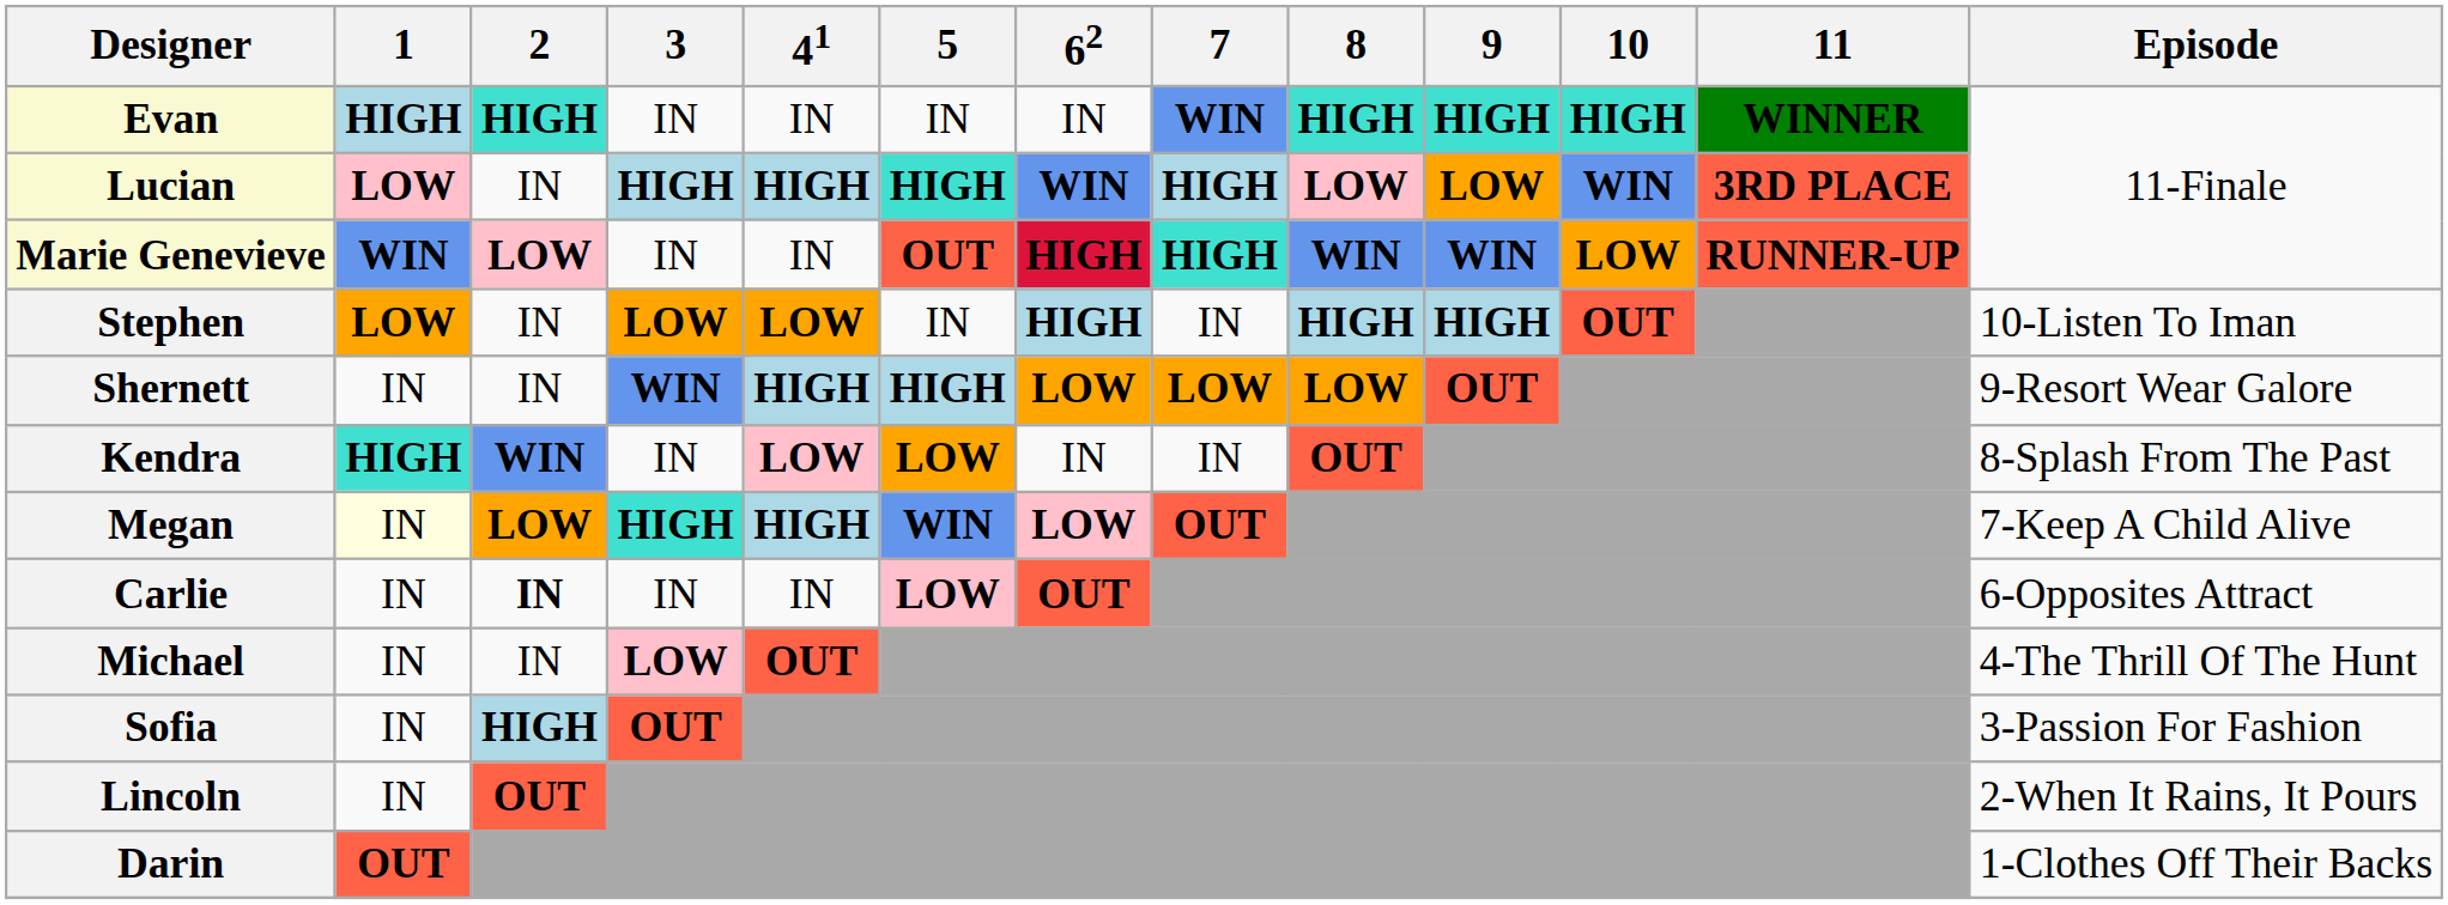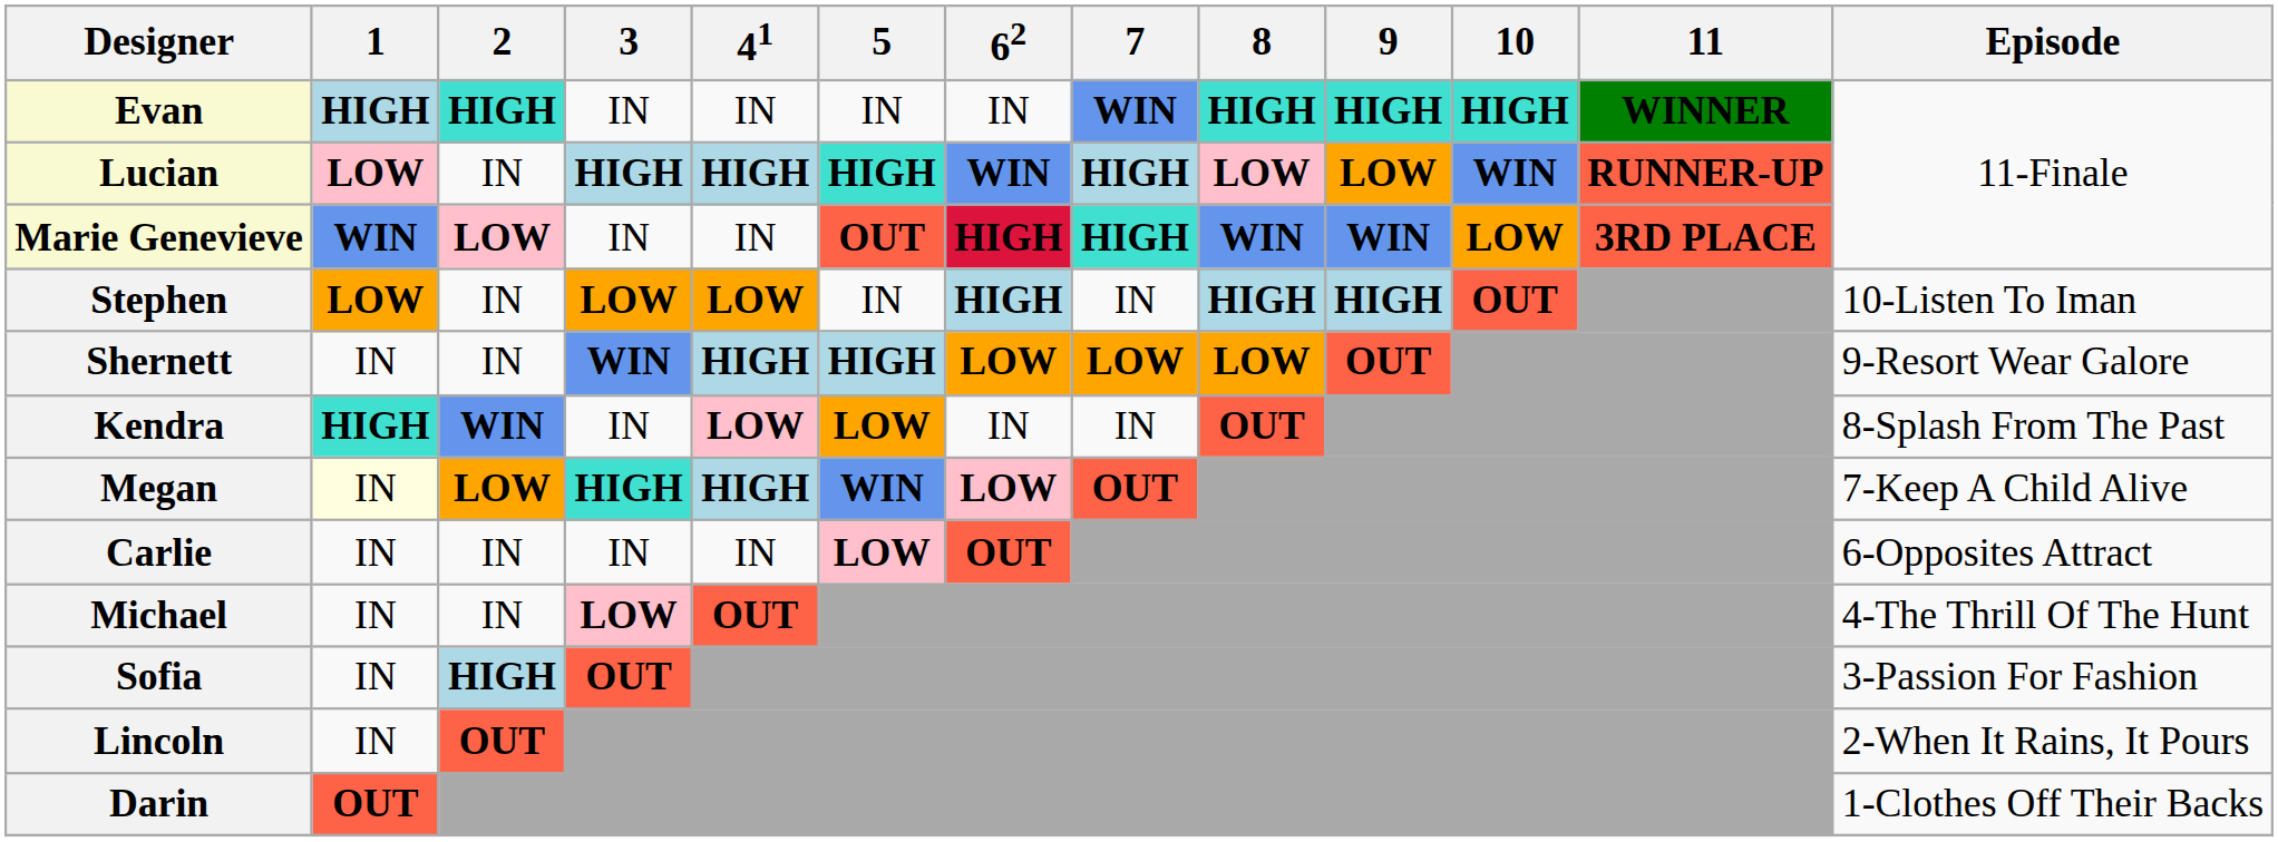 <table class="wikitable" style="text-align:center">
 <tr>
 <th>Designer</th>
 <th>1</th>
 <th>2</th>
 <th>3</th>
 <th>4<sup>1</sup></th>
 <th>5</th>
 <th>6<sup>2</sup></th>
 <th>7</th>
 <th>8</th>
 <th>9</th>
 <th>10</th>
 <th>11</th>
 <th>Episode</th>
 </tr>
 <tr>
 <th style="background:#FAFAD2;">Evan</th>
 <td style="background:lightblue;"><strong>HIGH</strong></td>
 <td style="background:turquoise;"><strong>HIGH</strong></td>
 <td>IN</td>
 <td>IN</td>
 <td>IN</td>
 <td>IN</td>
 <td style="background:cornflowerblue;"><strong>WIN</strong></td>
 <td style="background:turquoise;"><strong>HIGH</strong></td>
 <td style="background:turquoise;"><strong>HIGH</strong></td>
 <td style="background:turquoise;"><strong>HIGH</strong></td>
 <td style="background:green;"><strong>WINNER</strong></td>
 <td rowspan="3">11-Finale</td>
 </tr>
 <tr>
 <th style="background:#FAFAD2;">Lucian</th>
 <td style="background:pink;"><strong>LOW</strong></td>
 <td>IN</td>
 <td style="background:lightblue;"><strong>HIGH</strong></td>
 <td style="background:lightblue;"><strong>HIGH</strong></td>
 <td style="background:turquoise;"><strong>HIGH</strong></td>
 <td style="background:cornflowerblue;"><strong>WIN</strong></td>
 <td style="background:lightblue;"><strong>HIGH</strong></td>
 <td style="background:pink;"><strong>LOW</strong></td>
 <td style="background:orange;"><strong>LOW</strong></td>
 <td style="background:cornflowerblue;"><strong>WIN</strong></td>
-<td style="background:tomato;"><strong>3RD PLACE</strong></td>
+<td style="background:tomato;"><strong>RUNNER-UP</strong></td>
 </tr>
 <tr>
 <th style="background:#FAFAD2;">Marie Genevieve</th>
 <td style="background:cornflowerblue;"><strong>WIN</strong></td>
 <td style="background:pink;"><strong>LOW</strong></td>
 <td>IN</td>
 <td>IN</td>
 <td style="background:tomato;"><strong>OUT</strong></td>
 <td style="background:crimson;"><strong>HIGH</strong></td>
 <td style="background:turquoise;"><strong>HIGH</strong></td>
 <td style="background:cornflowerblue;"><strong>WIN</strong></td>
 <td style="background:cornflowerblue;"><strong>WIN</strong></td>
 <td style="background:orange;"><strong>LOW</strong></td>
-<td style="background:tomato;"><strong>RUNNER-UP</strong></td>
+<td style="background:tomato;"><strong>3RD PLACE</strong></td>
 </tr>
 <tr>
 <th>Stephen</th>
 <td style="background:orange;"><strong>LOW</strong></td>
 <td>IN</td>
 <td style="background:orange;"><strong>LOW</strong></td>
 <td style="background:orange;"><strong>LOW</strong></td>
 <td>IN</td>
 <td style="background:lightblue;"><strong>HIGH</strong></td>
 <td>IN</td>
 <td style="background:lightblue;"><strong>HIGH</strong></td>
 <td style="background:lightblue;"><strong>HIGH</strong></td>
 <td style="background:tomato;"><strong>OUT</strong></td>
 <td colspan=1 style="background:darkgrey;"></td>
 <td style="text-align:left">10-Listen To Iman</td>
 </tr>
 <tr>
 <th>Shernett</th>
 <td>IN</td>
 <td>IN</td>
 <td style="background:cornflowerblue;"><strong>WIN</strong></td>
 <td style="background:lightblue;"><strong>HIGH</strong></td>
 <td style="background:lightblue;"><strong>HIGH</strong></td>
 <td style="background:orange;"><strong>LOW</strong></td>
 <td style="background:orange;"><strong>LOW</strong></td>
 <td style="background:orange;"><strong>LOW</strong></td>
 <td style="background:tomato;"><strong>OUT</strong></td>
 <td colspan=2 style="background:darkgrey;"></td>
 <td style="text-align:left">9-Resort Wear Galore</td>
 </tr>
 <tr>
 <th>Kendra</th>
 <td style="background:turquoise;"><strong>HIGH</strong></td>
 <td style="background:cornflowerblue;"><strong>WIN</strong></td>
 <td>IN</td>
 <td style="background:pink;"><strong>LOW</strong></td>
 <td style="background:orange;"><strong>LOW</strong></td>
 <td>IN</td>
 <td>IN</td>
 <td style="background:tomato;"><strong>OUT</strong></td>
 <td colspan=3 style="background:darkgrey;"></td>
 <td style="text-align:left">8-Splash From The Past</td>
 </tr>
 <tr>
 <th>Megan</th>
 <td style="background: lightyellow;">IN</td>
 <td style="background:orange;"><strong>LOW</strong></td>
 <td style="background:turquoise;"><strong>HIGH</strong></td>
 <td style="background:lightblue;"><strong>HIGH</strong></td>
 <td style="background:cornflowerblue;"><strong>WIN</strong></td>
 <td style="background:pink;"><strong>LOW</strong></td>
 <td style="background:tomato;"><strong>OUT</strong></td>
 <td colspan=4 style="background:darkgrey;"></td>
 <td style="text-align:left">7-Keep A Child Alive</td>
 </tr>
 <tr>
 <th>Carlie</th>
 <td>IN</td>
-<td><strong>IN</strong></td>
+<td>IN</td>
 <td>IN</td>
 <td>IN</td>
 <td style="background:pink;"><strong>LOW</strong></td>
 <td style="background:tomato;"><strong>OUT</strong></td>
 <td colspan=5 style="background:darkgrey;"></td>
 <td style="text-align:left">6-Opposites Attract</td>
 </tr>
 <tr>
 <th>Michael</th>
 <td>IN</td>
 <td>IN</td>
 <td style="background:pink;"><strong>LOW</strong></td>
 <td style="background:tomato;"><strong>OUT</strong></td>
 <td colspan=7 style="background:darkgrey;"></td>
 <td style="text-align:left">4-The Thrill Of The Hunt</td>
 </tr>
 <tr>
 <th>Sofia</th>
 <td>IN</td>
 <td style="background:lightblue;"><strong>HIGH</strong></td>
 <td style="background:tomato;"><strong>OUT</strong></td>
 <td colspan=8 style="background:darkgrey;"></td>
 <td style="text-align:left">3-Passion For Fashion</td>
 </tr>
 <tr>
 <th>Lincoln</th>
 <td>IN</td>
 <td style="background:tomato;"><strong>OUT</strong></td>
 <td colspan=9 style="background:darkgrey;"></td>
 <td style="text-align:left">2-When It Rains, It Pours</td>
 </tr>
 <tr>
 <th>Darin</th>
 <td style="background:tomato;"><strong>OUT</strong></td>
 <td colspan=10 style="background:darkgrey;"></td>
 <td style="text-align:left">1-Clothes Off Their Backs</td>
 </tr>
 <tr>
 </tr>
 </table>
